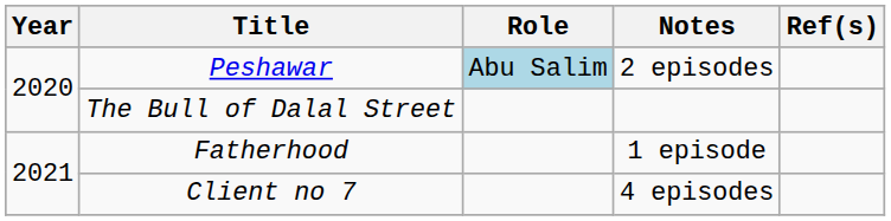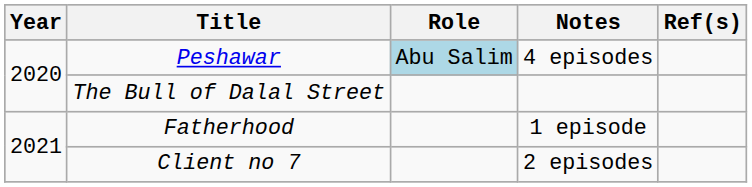 <table class="wikitable" style="text-align:center;">
 <tr>
 <th>Year</th>
 <th>Title</th>
 <th>Role</th>
 <th>Notes</th>
 <th>Ref(s)</th>
 </tr>
 <tr>
 <td rowspan="2">2020</td>
 <td><em><a href='#'>Peshawar</a></em></td>
 <td style="background: lightblue;">Abu Salim</td>
-<td>2 episodes</td>
+<td>4 episodes</td>
 <td></td>
 </tr>
 <tr>
 <td><em>The Bull of Dalal Street</em></td>
 <td></td>
 <td></td>
 <td></td>
 </tr>
 <tr>
 <td rowspan="2">2021</td>
 <td><em>Fatherhood</em></td>
 <td></td>
 <td>1 episode</td>
 <td></td>
 </tr>
 <tr>
 <td><em>Client no 7</em></td>
 <td></td>
-<td>4 episodes</td>
+<td>2 episodes</td>
 <td></td>
 </tr>
 </table>
